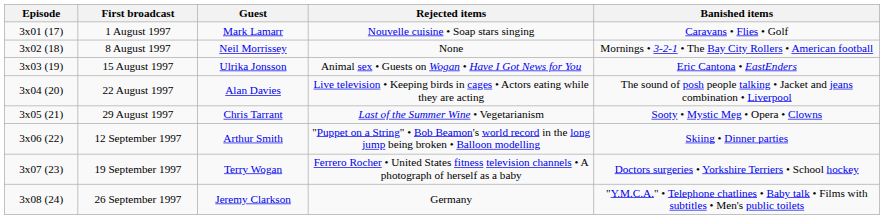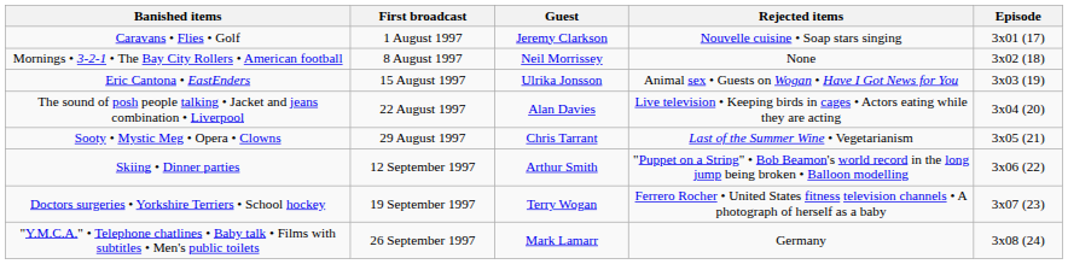 <table class="wikitable"  style="width:99%; left:0 auto; text-align:center;">
 <tr>
-<th style="width:8%;">Episode</th>
+<th style="width:31%;">Banished items</th>
 <th style="width:13%;">First broadcast</th>
 <th style="width:12%;">Guest</th>
 <th style="width:31%;">Rejected items</th>
-<th style="width:31%;">Banished items</th>
+<th style="width:8%;">Episode</th>
 </tr>
 <tr>
+<td><a href='#'>Caravans</a> • <a href='#'>Flies</a> • Golf</td>
+<td>1 August 1997</td>
+<td><a href='#'>Jeremy Clarkson</a></td>
+<td><a href='#'>Nouvelle cuisine</a> • Soap stars singing</td>
 <td>3x01 (17)</td>
-<td>1 August 1997</td>
-<td><a href='#'>Mark Lamarr</a></td>
-<td><a href='#'>Nouvelle cuisine</a> • Soap stars singing</td>
-<td><a href='#'>Caravans</a> • <a href='#'>Flies</a> • Golf</td>
 </tr>
 <tr>
-<td>3x02 (18)</td>
+<td>Mornings • <em><a href='#'>3-2-1</a></em> • The <a href='#'>Bay City Rollers</a> • <a href='#'>American football</a></td>
 <td>8 August 1997</td>
 <td><a href='#'>Neil Morrissey</a></td>
 <td>None</td>
-<td>Mornings • <em><a href='#'>3-2-1</a></em> • The <a href='#'>Bay City Rollers</a> • <a href='#'>American football</a></td>
+<td>3x02 (18)</td>
 </tr>
 <tr>
-<td>3x03 (19)</td>
+<td><a href='#'>Eric Cantona</a> • <em><a href='#'>EastEnders</a></em></td>
 <td>15 August 1997</td>
 <td><a href='#'>Ulrika Jonsson</a></td>
 <td>Animal <a href='#'>sex</a> • Guests on <em><a href='#'>Wogan</a></em> • <em><a href='#'>Have I Got News for You</a></em></td>
-<td><a href='#'>Eric Cantona</a> • <em><a href='#'>EastEnders</a></em></td>
+<td>3x03 (19)</td>
 </tr>
 <tr>
-<td>3x04 (20)</td>
+<td>The sound of <a href='#'>posh</a> people <a href='#'>talking</a> • Jacket and <a href='#'>jeans</a> combination • <a href='#'>Liverpool</a></td>
 <td>22 August 1997</td>
 <td><a href='#'>Alan Davies</a></td>
 <td><a href='#'>Live television</a> • Keeping birds in <a href='#'>cages</a> • Actors eating while they are acting</td>
-<td>The sound of <a href='#'>posh</a> people <a href='#'>talking</a> • Jacket and <a href='#'>jeans</a> combination • <a href='#'>Liverpool</a></td>
+<td>3x04 (20)</td>
 </tr>
 <tr>
-<td>3x05 (21)</td>
+<td><a href='#'>Sooty</a> • <a href='#'>Mystic Meg</a> • Opera • <a href='#'>Clowns</a></td>
 <td>29 August 1997</td>
 <td><a href='#'>Chris Tarrant</a></td>
 <td><em><a href='#'>Last of the Summer Wine</a></em> • Vegetarianism</td>
-<td><a href='#'>Sooty</a> • <a href='#'>Mystic Meg</a> • Opera • <a href='#'>Clowns</a></td>
+<td>3x05 (21)</td>
 </tr>
 <tr>
-<td>3x06 (22)</td>
+<td><a href='#'>Skiing</a> • <a href='#'>Dinner parties</a></td>
 <td>12 September 1997</td>
 <td><a href='#'>Arthur Smith</a></td>
 <td>"<a href='#'>Puppet on a String</a>" • <a href='#'>Bob Beamon</a>'s <a href='#'>world record</a> in the <a href='#'>long jump</a> being broken • <a href='#'>Balloon modelling</a></td>
-<td><a href='#'>Skiing</a> • <a href='#'>Dinner parties</a></td>
+<td>3x06 (22)</td>
 </tr>
 <tr>
-<td>3x07 (23)</td>
+<td><a href='#'>Doctors surgeries</a> • <a href='#'>Yorkshire Terriers</a> • School <a href='#'>hockey</a></td>
 <td>19 September 1997</td>
 <td><a href='#'>Terry Wogan</a></td>
 <td><a href='#'>Ferrero Rocher</a> • United States <a href='#'>fitness</a> <a href='#'>television channels</a> • A photograph of herself as a baby</td>
-<td><a href='#'>Doctors surgeries</a> • <a href='#'>Yorkshire Terriers</a> • School <a href='#'>hockey</a></td>
+<td>3x07 (23)</td>
 </tr>
 <tr>
+<td>"<a href='#'>Y.M.C.A.</a>" • <a href='#'>Telephone chatlines</a> • <a href='#'>Baby talk</a> • Films with <a href='#'>subtitles</a> • Men's <a href='#'>public toilets</a></td>
+<td>26 September 1997</td>
+<td><a href='#'>Mark Lamarr</a></td>
+<td>Germany</td>
 <td>3x08 (24)</td>
-<td>26 September 1997</td>
-<td><a href='#'>Jeremy Clarkson</a></td>
-<td>Germany</td>
-<td>"<a href='#'>Y.M.C.A.</a>" • <a href='#'>Telephone chatlines</a> • <a href='#'>Baby talk</a> • Films with <a href='#'>subtitles</a> • Men's <a href='#'>public toilets</a></td>
 </tr>
 </table>
